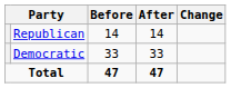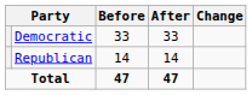 <table class="wikitable" style="text-align:center;">
 <tr>
 <th colspan="2">Party</th>
 <th>Before</th>
 <th>After</th>
 <th>Change</th>
 </tr>
 <tr>
 <th style="background-color:"></th>
-<td style="text-align:left;"><a href='#'>Republican</a></td>
-<td>14</td>
-<td>14</td>
+<td style="text-align:left;"><a href='#'>Democratic</a></td>
+<td>33</td>
+<td>33</td>
 <td></td>
 </tr>
 <tr>
 <th style="background-color:"></th>
-<td style="text-align:left;"><a href='#'>Democratic</a></td>
-<td>33</td>
-<td>33</td>
+<td style="text-align:left;"><a href='#'>Republican</a></td>
+<td>14</td>
+<td>14</td>
 <td></td>
 </tr>
 <tr>
 <td colspan="2"><strong>Total</strong></td>
 <td><strong>47</strong></td>
 <td><strong>47</strong></td>
 <td></td>
 </tr>
 </table>
